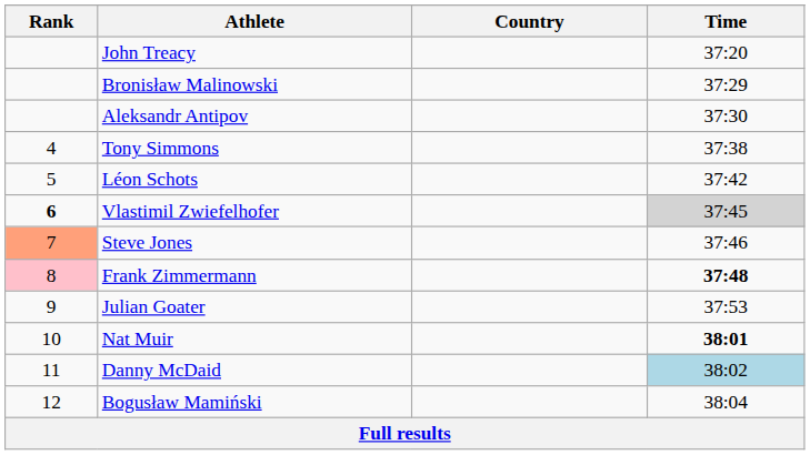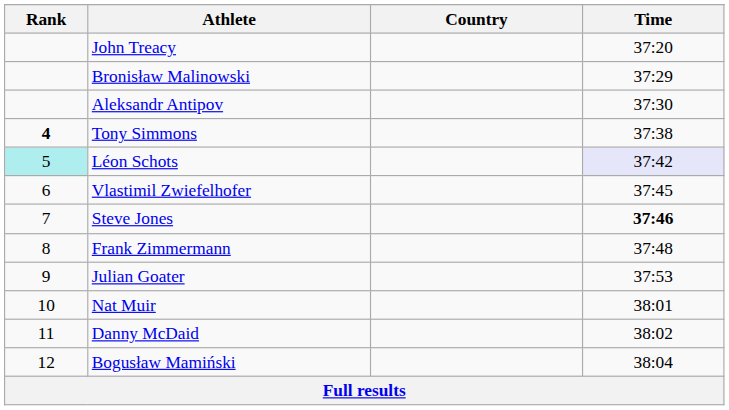 <table class="wikitable sortable" style=" text-align:center; font-size:95%;" width="50%">
 <tr>
 </tr>
 <tr>
 <th width=5%>Rank</th>
 <th width=20%>Athlete</th>
 <th width=15%>Country</th>
 <th width=10%>Time</th>
 </tr>
 <tr>
 <td align=center></td>
 <td align=left><a href='#'>John Treacy</a></td>
 <td align=left></td>
 <td>37:20</td>
 </tr>
 <tr>
 <td align=center></td>
 <td align=left><a href='#'>Bronisław Malinowski</a></td>
 <td align=left></td>
 <td>37:29</td>
 </tr>
 <tr>
 <td align=center></td>
 <td align=left><a href='#'>Aleksandr Antipov</a></td>
 <td align=left></td>
 <td>37:30</td>
 </tr>
 <tr>
-<td align=center>4</td>
+<td align=center><strong>4</strong></td>
 <td align=left><a href='#'>Tony Simmons</a></td>
 <td align=left></td>
 <td>37:38</td>
 </tr>
 <tr>
-<td align=center>5</td>
+<td align=center style="background: paleturquoise;">5</td>
 <td align=left><a href='#'>Léon Schots</a></td>
 <td align=left></td>
-<td>37:42</td>
+<td style="background: lavender;">37:42</td>
 </tr>
 <tr>
-<td align=center><strong>6</strong></td>
+<td align=center>6</td>
 <td align=left><a href='#'>Vlastimil Zwiefelhofer</a></td>
 <td align=left></td>
-<td style="background: lightgrey;">37:45</td>
+<td>37:45</td>
 </tr>
 <tr>
-<td align=center style="background: lightsalmon;">7</td>
+<td align=center>7</td>
 <td align=left><a href='#'>Steve Jones</a></td>
 <td align=left></td>
-<td>37:46</td>
+<td><strong>37:46</strong></td>
 </tr>
 <tr>
-<td align=center style="background: pink;">8</td>
+<td align=center>8</td>
 <td align=left><a href='#'>Frank Zimmermann</a></td>
 <td align=left></td>
-<td><strong>37:48</strong></td>
+<td>37:48</td>
 </tr>
 <tr>
 <td align=center>9</td>
 <td align=left><a href='#'>Julian Goater</a></td>
 <td align=left></td>
 <td>37:53</td>
 </tr>
 <tr>
 <td align=center>10</td>
 <td align=left><a href='#'>Nat Muir</a></td>
 <td align=left></td>
-<td><strong>38:01</strong></td>
+<td>38:01</td>
 </tr>
 <tr>
 <td align=center>11</td>
 <td align=left><a href='#'>Danny McDaid</a></td>
 <td align=left></td>
-<td style="background: lightblue;">38:02</td>
+<td>38:02</td>
 </tr>
 <tr>
 <td align=center>12</td>
 <td align=left><a href='#'>Bogusław Mamiński</a></td>
 <td align=left></td>
 <td>38:04</td>
 </tr>
 <tr class="sortbottom">
 <th colspan=4 align=center><a href='#'>Full results</a></th>
 </tr>
 </table>
